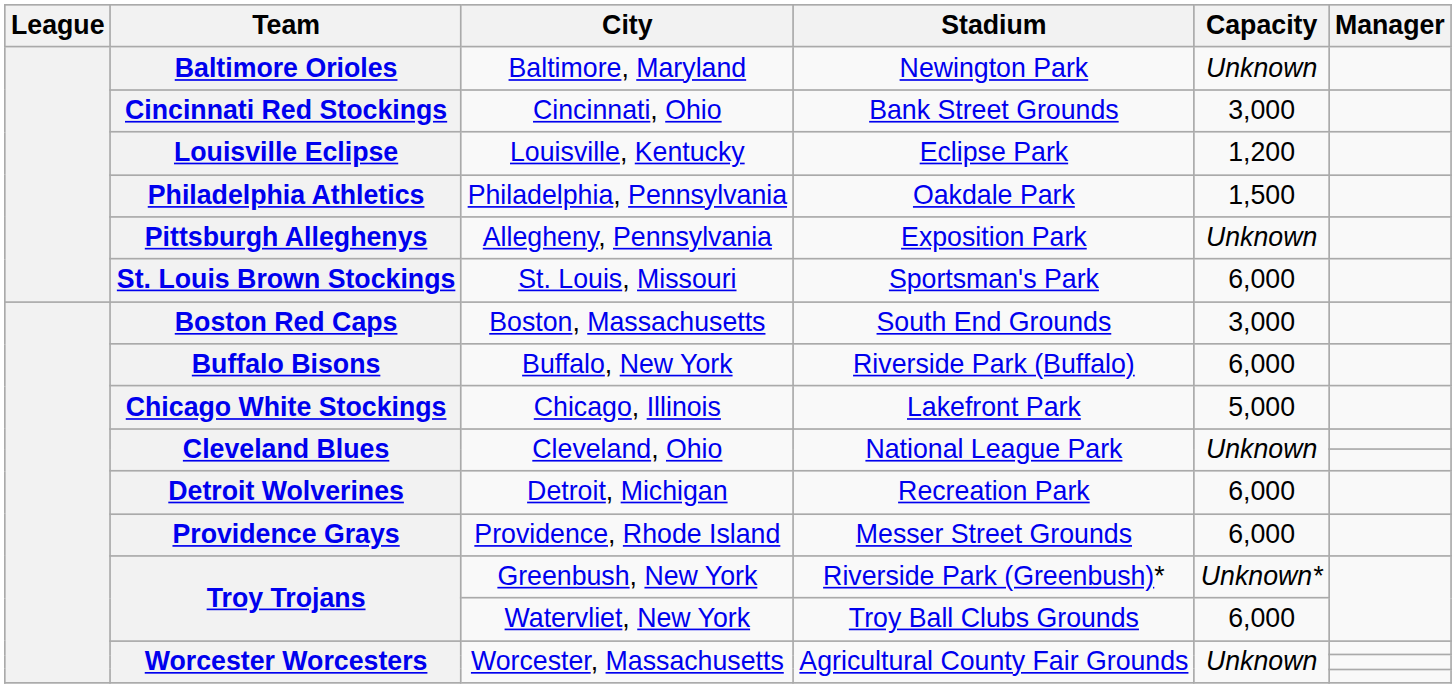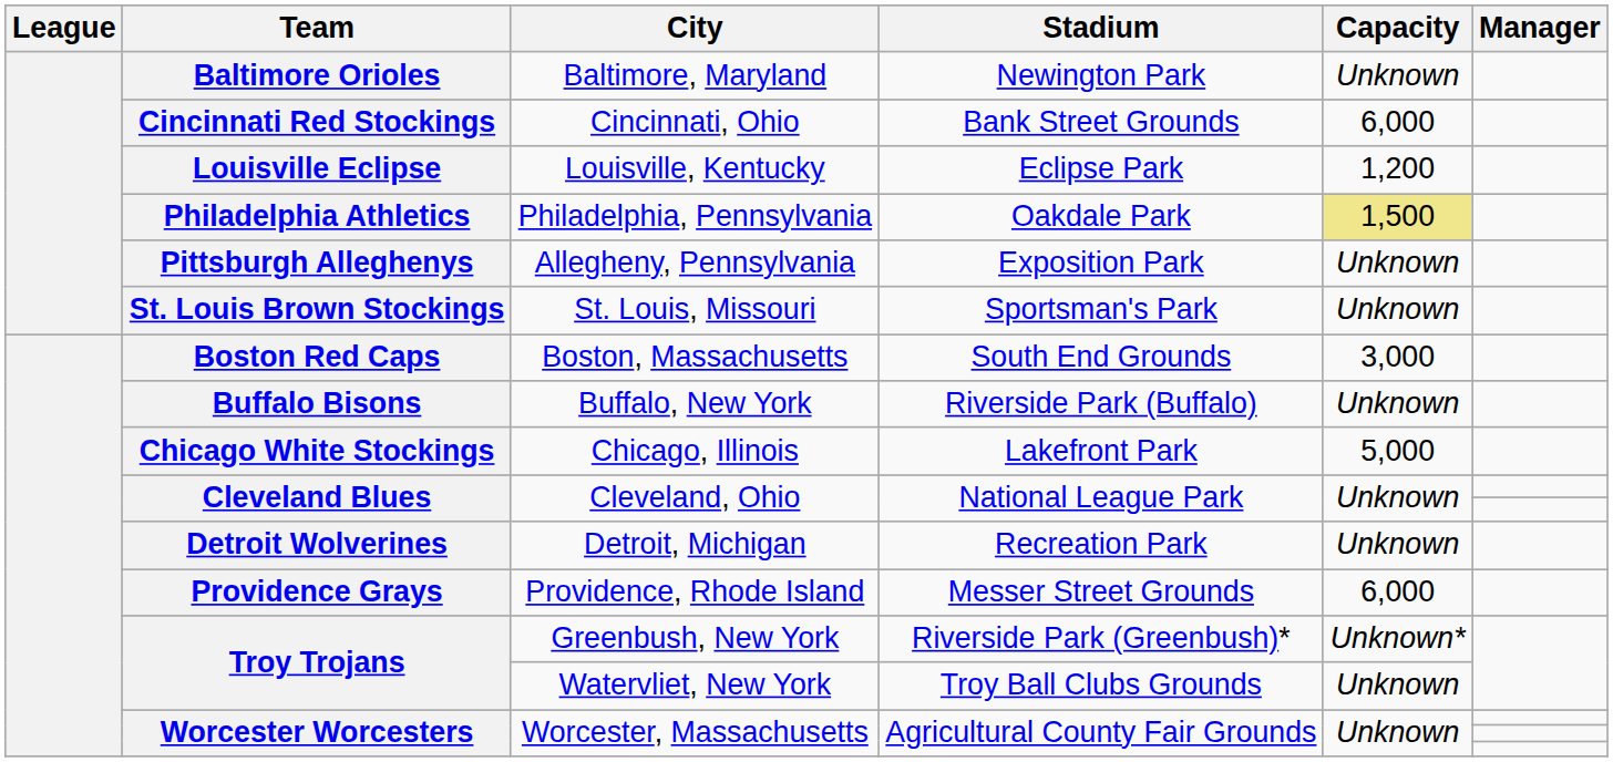 <table class="wikitable sortable plainrowheaders" style="text-align:center;">
 <tr>
 <th scope="col">League</th>
 <th scope="col">Team</th>
 <th scope="col">City</th>
 <th scope="col">Stadium</th>
 <th scope="col">Capacity</th>
 <th scope="col">Manager</th>
 </tr>
 <tr>
 <th rowspan="6"></th>
 <th scope="row"><a href='#'>Baltimore Orioles</a></th>
 <td><a href='#'>Baltimore</a>, <a href='#'>Maryland</a></td>
 <td><a href='#'>Newington Park</a></td>
 <td><em>Unknown</em></td>
 <td></td>
 </tr>
 <tr>
 <th scope="row"><a href='#'>Cincinnati Red Stockings</a></th>
 <td><a href='#'>Cincinnati</a>, <a href='#'>Ohio</a></td>
 <td><a href='#'>Bank Street Grounds</a></td>
-<td>3,000</td>
+<td>6,000</td>
 <td></td>
 </tr>
 <tr>
 <th scope="row"><a href='#'>Louisville Eclipse</a></th>
 <td><a href='#'>Louisville</a>, <a href='#'>Kentucky</a></td>
 <td><a href='#'>Eclipse Park</a></td>
 <td>1,200</td>
 <td></td>
 </tr>
 <tr>
 <th scope="row"><a href='#'>Philadelphia Athletics</a></th>
 <td><a href='#'>Philadelphia</a>, <a href='#'>Pennsylvania</a></td>
 <td><a href='#'>Oakdale Park</a></td>
-<td>1,500</td>
+<td style="background: khaki;">1,500</td>
 <td></td>
 </tr>
 <tr>
 <th scope="row"><a href='#'>Pittsburgh Alleghenys</a></th>
 <td><a href='#'>Allegheny</a>, <a href='#'>Pennsylvania</a></td>
 <td><a href='#'>Exposition Park</a></td>
 <td><em>Unknown</em></td>
 <td></td>
 </tr>
 <tr>
 <th scope="row"><a href='#'>St. Louis Brown Stockings</a></th>
 <td><a href='#'>St. Louis</a>, <a href='#'>Missouri</a></td>
 <td><a href='#'>Sportsman's Park</a></td>
-<td>6,000</td>
+<td><em>Unknown</em></td>
 <td></td>
 </tr>
 <tr>
 <th rowspan="12"></th>
 <th scope="row"><a href='#'>Boston Red Caps</a></th>
 <td><a href='#'>Boston</a>, <a href='#'>Massachusetts</a></td>
 <td><a href='#'>South End Grounds</a></td>
 <td>3,000</td>
 <td></td>
 </tr>
 <tr>
 <th scope="row"><a href='#'>Buffalo Bisons</a></th>
 <td><a href='#'>Buffalo</a>, <a href='#'>New York</a></td>
 <td><a href='#'>Riverside Park (Buffalo)</a></td>
-<td>6,000</td>
+<td><em>Unknown</em></td>
 <td></td>
 </tr>
 <tr>
 <th scope="row"><a href='#'>Chicago White Stockings</a></th>
 <td><a href='#'>Chicago</a>, <a href='#'>Illinois</a></td>
 <td><a href='#'>Lakefront Park</a></td>
 <td>5,000</td>
 <td></td>
 </tr>
 <tr>
 <th rowspan="2" scope="row"><a href='#'>Cleveland Blues</a></th>
 <td rowspan="2"><a href='#'>Cleveland</a>, <a href='#'>Ohio</a></td>
 <td rowspan="2"><a href='#'>National League Park</a></td>
 <td rowspan="2"><em>Unknown</em></td>
 <td></td>
 </tr>
 <tr>
 <td></td>
 </tr>
 <tr>
 <th scope="row"><a href='#'>Detroit Wolverines</a></th>
 <td><a href='#'>Detroit</a>, <a href='#'>Michigan</a></td>
 <td><a href='#'>Recreation Park</a></td>
-<td>6,000</td>
+<td><em>Unknown</em></td>
 <td></td>
 </tr>
 <tr>
 <th scope="row"><a href='#'>Providence Grays</a></th>
 <td><a href='#'>Providence</a>, <a href='#'>Rhode Island</a></td>
 <td><a href='#'>Messer Street Grounds</a></td>
 <td>6,000</td>
 <td></td>
 </tr>
 <tr>
 <th rowspan="2" scope="row"><a href='#'>Troy Trojans</a></th>
 <td><a href='#'>Greenbush</a>, <a href='#'>New York</a></td>
 <td><a href='#'>Riverside Park (Greenbush)</a>*</td>
 <td><em>Unknown*</em></td>
 <td rowspan="2"></td>
 </tr>
 <tr>
 <td><a href='#'>Watervliet</a>, <a href='#'>New York</a></td>
 <td><a href='#'>Troy Ball Clubs Grounds</a></td>
-<td>6,000</td>
+<td><em>Unknown</em></td>
 </tr>
 <tr>
 <th rowspan="3" scope="row"><a href='#'>Worcester Worcesters</a></th>
 <td rowspan="3"><a href='#'>Worcester</a>, <a href='#'>Massachusetts</a></td>
 <td rowspan="3"><a href='#'>Agricultural County Fair Grounds</a></td>
 <td rowspan="3"><em>Unknown</em></td>
 <td></td>
 </tr>
 <tr>
 <td></td>
 </tr>
 <tr>
 <td></td>
 </tr>
 </table>
